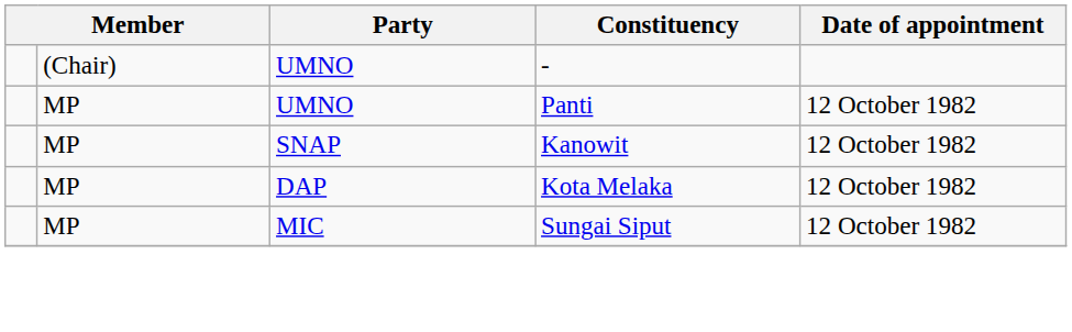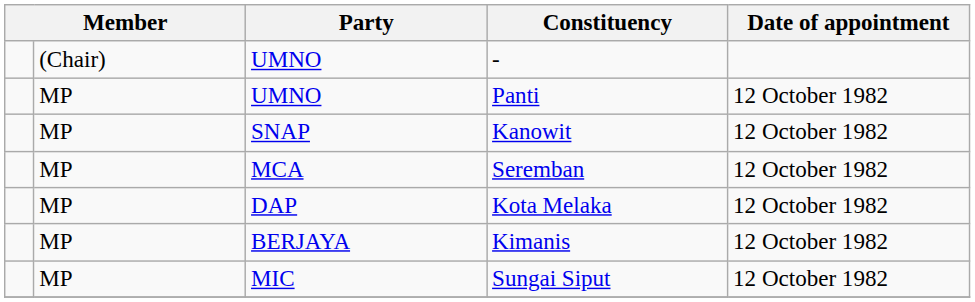 <table class="sortable wikitable">
 <tr>
 <th width="160px" colspan="2" valign="top">Member</th>
 <th width="160px" valign="top">Party</th>
 <th width="160px" valign="top">Constituency</th>
 <th width="160px" valign="top">Date of appointment</th>
 </tr>
 <tr>
 <td></td>
 <td> (Chair)</td>
 <td><a href='#'>UMNO</a></td>
 <td>-</td>
 <td></td>
 </tr>
 <tr>
 <td></td>
 <td> MP</td>
 <td><a href='#'>UMNO</a></td>
 <td><a href='#'>Panti</a></td>
 <td>12 October 1982</td>
 </tr>
 <tr>
 <td></td>
 <td> MP</td>
 <td><a href='#'>SNAP</a></td>
 <td><a href='#'>Kanowit</a></td>
 <td>12 October 1982</td>
 </tr>
 <tr>
 <td></td>
 <td> MP</td>
+<td><a href='#'>MCA</a></td>
+<td><a href='#'>Seremban</a></td>
+<td>12 October 1982</td>
+</tr>
+<tr>
+<td></td>
+<td> MP</td>
 <td><a href='#'>DAP</a></td>
 <td><a href='#'>Kota Melaka</a></td>
+<td>12 October 1982</td>
+</tr>
+<tr>
+<td></td>
+<td> MP</td>
+<td><a href='#'>BERJAYA</a></td>
+<td><a href='#'>Kimanis</a></td>
 <td>12 October 1982</td>
 </tr>
 <tr>
 <td></td>
 <td> MP</td>
 <td><a href='#'>MIC</a></td>
 <td><a href='#'>Sungai Siput</a></td>
 <td>12 October 1982</td>
 </tr>
 <tr>
 </tr>
 </table>
